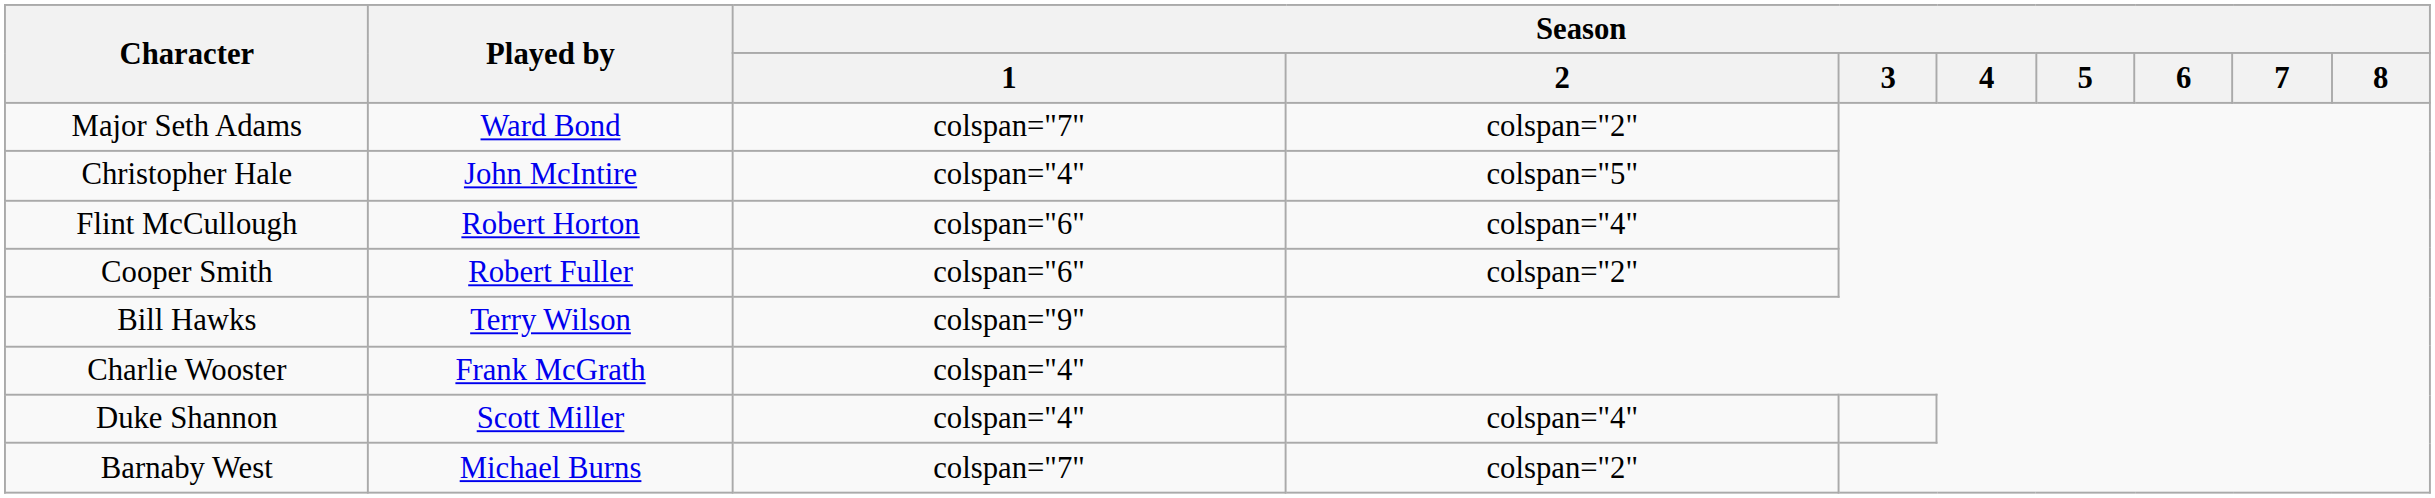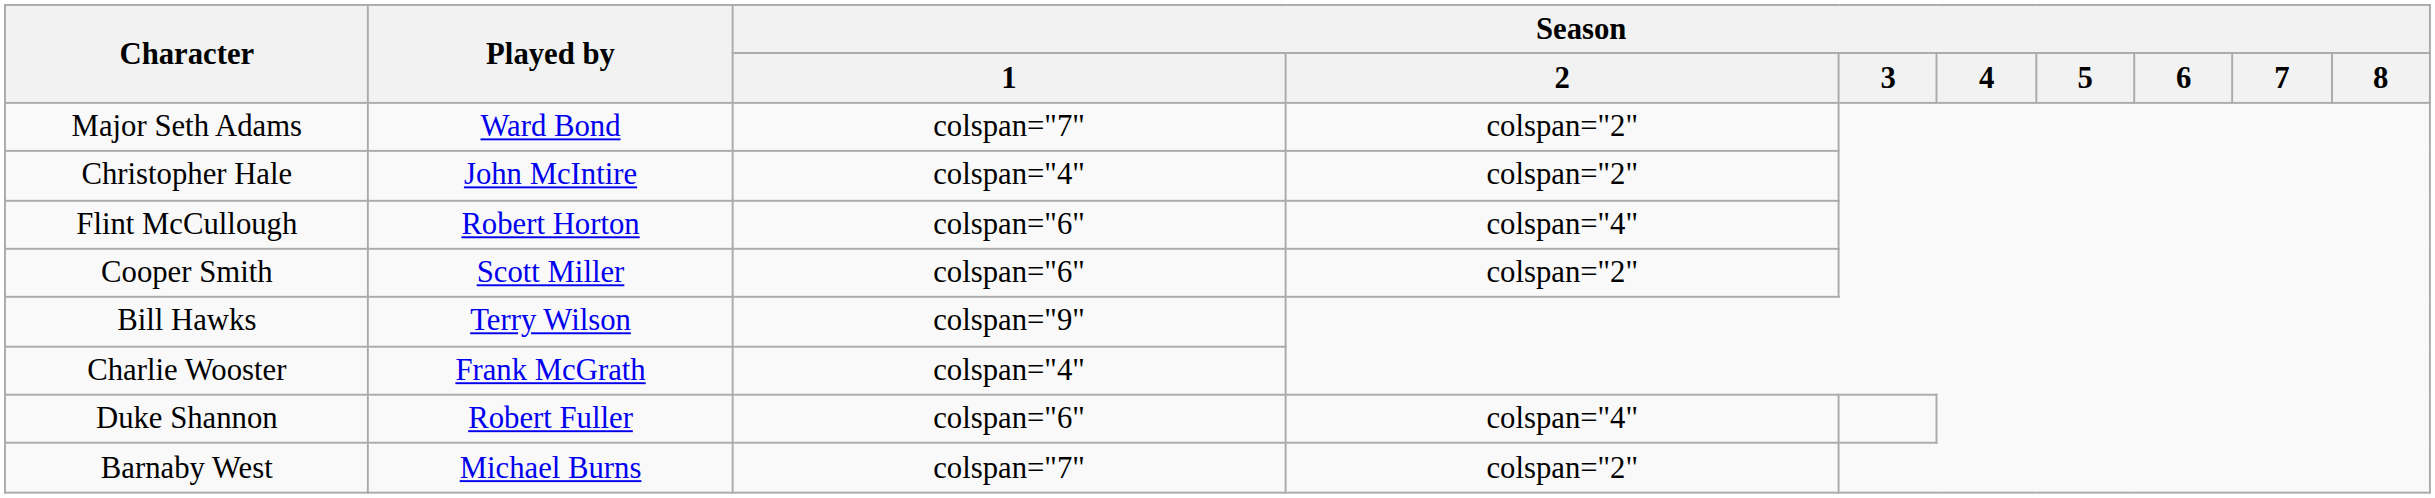 <table class="wikitable sticky-header" width="100%">
 <tr>
 <th rowspan="2" width="15%">Character</th>
 <th rowspan="2" width="15%">Played by</th>
 <th colspan="9" width="70%">Season</th>
 </tr>
 <tr>
 <th>1</th>
 <th>2</th>
 <th>3</th>
 <th colspan=2>4</th>
 <th>5</th>
 <th>6</th>
 <th>7</th>
 <th>8</th>
 </tr>
 <tr align="center">
 <td>Major Seth Adams</td>
 <td><a href='#'>Ward Bond</a></td>
 <td>colspan="7"</td>
 <td>colspan="2"</td>
 </tr>
 <tr align="center">
 <td>Christopher Hale</td>
 <td><a href='#'>John McIntire</a></td>
 <td>colspan="4"</td>
-<td>colspan="5"</td>
+<td>colspan="2"</td>
 </tr>
 <tr align="center">
 <td>Flint McCullough</td>
 <td><a href='#'>Robert Horton</a></td>
 <td>colspan="6"</td>
 <td>colspan="4"</td>
 </tr>
 <tr align="center">
 <td>Cooper Smith</td>
-<td><a href='#'>Robert Fuller</a></td>
+<td><a href='#'>Scott Miller</a></td>
 <td>colspan="6"</td>
 <td>colspan="2"</td>
 </tr>
 <tr align="center">
 <td>Bill Hawks</td>
 <td><a href='#'>Terry Wilson</a></td>
 <td>colspan="9"</td>
 </tr>
 <tr align="center">
 <td>Charlie Wooster</td>
 <td><a href='#'>Frank McGrath</a></td>
 <td>colspan="4"</td>
 </tr>
 <tr align="center">
 <td>Duke Shannon</td>
-<td><a href='#'>Scott Miller</a></td>
-<td>colspan="4"</td>
+<td><a href='#'>Robert Fuller</a></td>
+<td>colspan="6"</td>
 <td>colspan="4"</td>
 <td></td>
 </tr>
 <tr align="center">
 <td>Barnaby West</td>
 <td><a href='#'>Michael Burns</a></td>
 <td>colspan="7"</td>
 <td>colspan="2"</td>
 </tr>
 </table>
